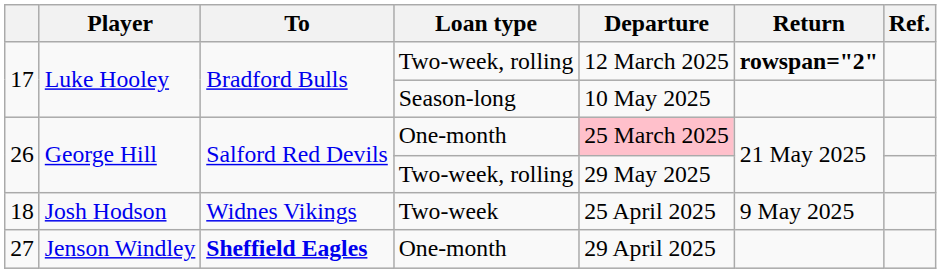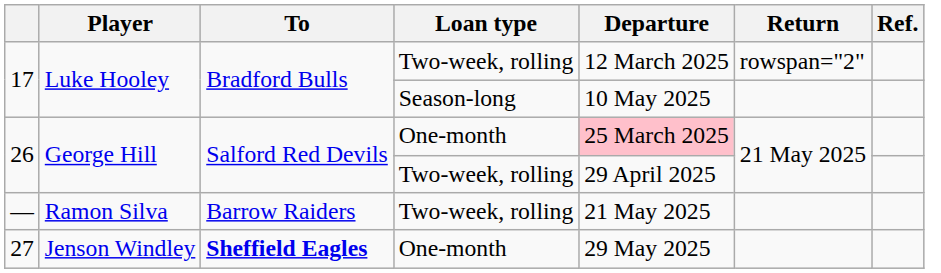 <table class="wikitable defaultleft col1center">
 <tr>
 <th></th>
 <th>Player</th>
 <th>To</th>
 <th>Loan type</th>
 <th>Departure</th>
 <th>Return</th>
 <th>Ref.</th>
 </tr>
 <tr>
 <td rowspan="2">17</td>
 <td rowspan="2"> <a href='#'>Luke Hooley</a></td>
 <td rowspan="2"> <a href='#'>Bradford Bulls</a></td>
 <td>Two-week, rolling</td>
 <td>12 March 2025</td>
-<td><strong>rowspan="2" </strong></td>
+<td>rowspan="2" </td>
 <td></td>
 </tr>
 <tr>
 <td style="text-align:left;">Season-long</td>
 <td>10 May 2025</td>
 <td></td>
 </tr>
 <tr>
 <td rowspan="2">26</td>
 <td rowspan="2"> <a href='#'>George Hill</a></td>
 <td rowspan="2"> <a href='#'>Salford Red Devils</a></td>
 <td>One-month</td>
 <td style="background: pink;">25 March 2025</td>
 <td rowspan="2">21 May 2025</td>
 <td></td>
 </tr>
 <tr>
 <td style="text-align:left;">Two-week, rolling</td>
-<td>29 May 2025</td>
+<td>29 April 2025</td>
 <td></td>
 </tr>
 <tr>
-<td>18</td>
-<td> <a href='#'>Josh Hodson</a></td>
-<td> <a href='#'>Widnes Vikings</a></td>
-<td>Two-week</td>
-<td>25 April 2025</td>
-<td>9 May 2025</td>
+<td>—</td>
+<td> <a href='#'>Ramon Silva</a></td>
+<td> <a href='#'>Barrow Raiders</a></td>
+<td>Two-week, rolling</td>
+<td>21 May 2025</td>
+<td></td>
 <td></td>
 </tr>
 <tr>
 <td>27</td>
 <td> <a href='#'>Jenson Windley</a></td>
 <td><strong> <a href='#'>Sheffield Eagles</a></strong></td>
 <td>One-month</td>
-<td>29 April 2025</td>
+<td>29 May 2025</td>
 <td></td>
 <td></td>
 </tr>
 </table>
